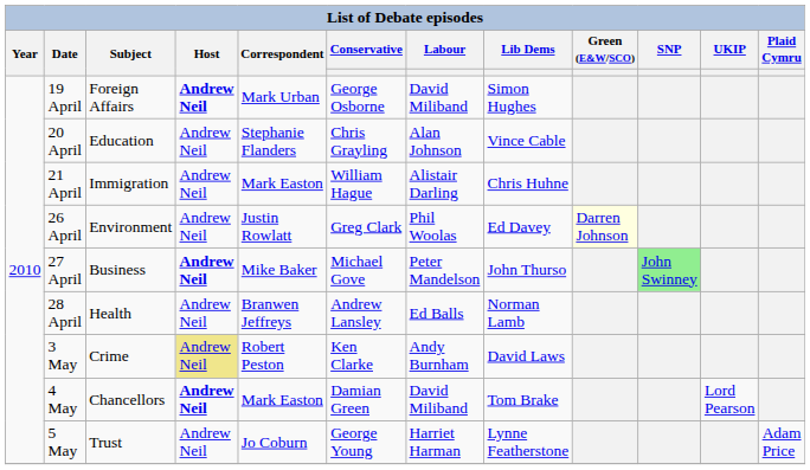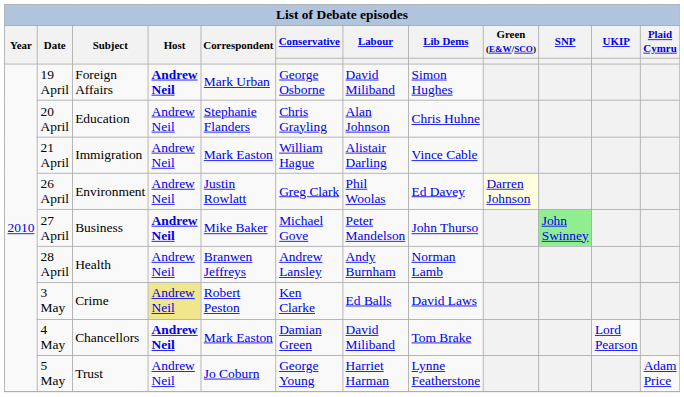 <table class="wikitable" style="text-justify: none">
 <tr>
 <th colspan="12" style="background:#B0C4DE">List of Debate episodes</th>
 </tr>
 <tr style="font-size:small;">
 <th rowspan="2">Year</th>
 <th rowspan="2">Date</th>
 <th rowspan="2">Subject</th>
 <th rowspan="2">Host</th>
 <th rowspan="2">Correspondent</th>
 <th scope="col"><a href='#'>Conservative</a></th>
 <th scope="col"><a href='#'>Labour</a></th>
 <th scope="col"><a href='#'>Lib Dems</a></th>
 <th scope="col">Green <small>(<a href='#'>E&W</a>/<a href='#'>SCO</a>)</small></th>
 <th scope="col"><a href='#'>SNP</a></th>
 <th scope="col"><a href='#'>UKIP</a></th>
 <th scope="col"><a href='#'>Plaid Cymru</a></th>
 </tr>
 <tr>
 <th style="width:6.5em; background:"></th>
 <th style="width:6.5em; background:"></th>
 <th style="width:6.5em; background:"></th>
 <th style="width:6.5em; background:"></th>
 <th style="width:6.5em; background:"></th>
 <th style="width:6.5em; background:"></th>
 <th style="width:6.5em; background:"></th>
 </tr>
 <tr>
 <td rowspan="9"><a href='#'>2010</a></td>
 <td>19 April</td>
 <td>Foreign Affairs</td>
 <td><strong><a href='#'>Andrew Neil</a></strong></td>
 <td><a href='#'>Mark Urban</a></td>
 <td><a href='#'>George Osborne</a></td>
 <td><a href='#'>David Miliband</a></td>
 <td><a href='#'>Simon Hughes</a></td>
 <th></th>
 <th></th>
 <th></th>
 <th></th>
 </tr>
 <tr>
 <td>20 April</td>
 <td>Education</td>
 <td><a href='#'>Andrew Neil</a></td>
 <td><a href='#'>Stephanie Flanders</a></td>
 <td><a href='#'>Chris Grayling</a></td>
 <td><a href='#'>Alan Johnson</a></td>
-<td><a href='#'>Vince Cable</a></td>
+<td><a href='#'>Chris Huhne</a></td>
 <th></th>
 <th></th>
 <th></th>
 <th></th>
 </tr>
 <tr>
 <td>21 April</td>
 <td>Immigration</td>
 <td><a href='#'>Andrew Neil</a></td>
 <td><a href='#'>Mark Easton</a></td>
 <td><a href='#'>William Hague</a></td>
 <td><a href='#'>Alistair Darling</a></td>
-<td><a href='#'>Chris Huhne</a></td>
+<td><a href='#'>Vince Cable</a></td>
 <th></th>
 <th></th>
 <th></th>
 <th></th>
 </tr>
 <tr>
 <td>26 April</td>
 <td>Environment</td>
 <td><a href='#'>Andrew Neil</a></td>
 <td><a href='#'>Justin Rowlatt</a></td>
 <td><a href='#'>Greg Clark</a></td>
 <td><a href='#'>Phil Woolas</a></td>
 <td><a href='#'>Ed Davey</a></td>
 <td style="background: lightyellow;"><a href='#'>Darren Johnson</a></td>
 <th></th>
 <th></th>
 <th></th>
 </tr>
 <tr>
 <td>27 April</td>
 <td>Business</td>
 <td><strong><a href='#'>Andrew Neil</a></strong></td>
 <td><a href='#'>Mike Baker</a></td>
 <td><a href='#'>Michael Gove</a></td>
 <td><a href='#'>Peter Mandelson</a></td>
 <td><a href='#'>John Thurso</a></td>
 <th></th>
 <td style="background: lightgreen;"><a href='#'>John Swinney</a></td>
 <th></th>
 <th></th>
 </tr>
 <tr>
 <td>28 April</td>
 <td>Health</td>
 <td><a href='#'>Andrew Neil</a></td>
 <td><a href='#'>Branwen Jeffreys</a></td>
 <td><a href='#'>Andrew Lansley</a></td>
-<td><a href='#'>Ed Balls</a></td>
+<td><a href='#'>Andy Burnham</a></td>
 <td><a href='#'>Norman Lamb</a></td>
 <th></th>
 <th></th>
 <th></th>
 <th></th>
 </tr>
 <tr>
 <td>3 May</td>
 <td>Crime</td>
 <td style="background: khaki;"><a href='#'>Andrew Neil</a></td>
 <td><a href='#'>Robert Peston</a></td>
 <td><a href='#'>Ken Clarke</a></td>
-<td><a href='#'>Andy Burnham</a></td>
+<td><a href='#'>Ed Balls</a></td>
 <td><a href='#'>David Laws</a></td>
 <th></th>
 <th></th>
 <th></th>
 <th></th>
 </tr>
 <tr>
 <td>4 May</td>
 <td>Chancellors</td>
 <td><strong><a href='#'>Andrew Neil</a></strong></td>
 <td><a href='#'>Mark Easton</a></td>
 <td><a href='#'>Damian Green</a></td>
 <td><a href='#'>David Miliband</a></td>
 <td><a href='#'>Tom Brake</a></td>
 <th></th>
 <th></th>
 <td><a href='#'>Lord Pearson</a></td>
 <th></th>
 </tr>
 <tr>
 <td>5 May</td>
 <td>Trust</td>
 <td><a href='#'>Andrew Neil</a></td>
 <td><a href='#'>Jo Coburn</a></td>
 <td><a href='#'>George Young</a></td>
 <td><a href='#'>Harriet Harman</a></td>
 <td><a href='#'>Lynne Featherstone</a></td>
 <th></th>
 <th></th>
 <th></th>
 <td><a href='#'>Adam Price</a></td>
 </tr>
 <tr>
 </tr>
 </table>
